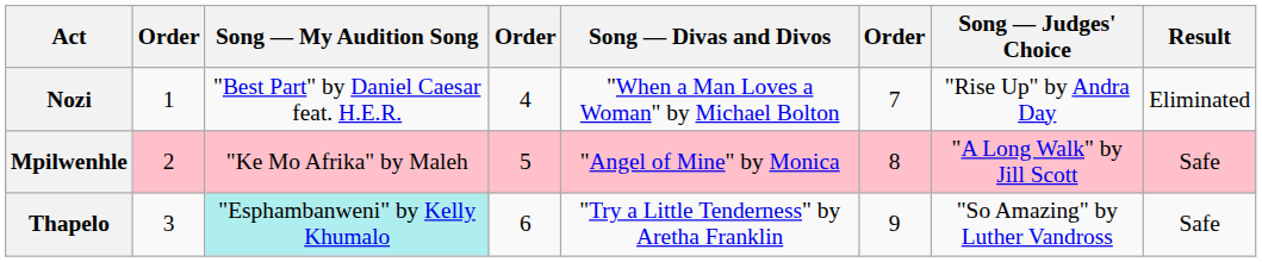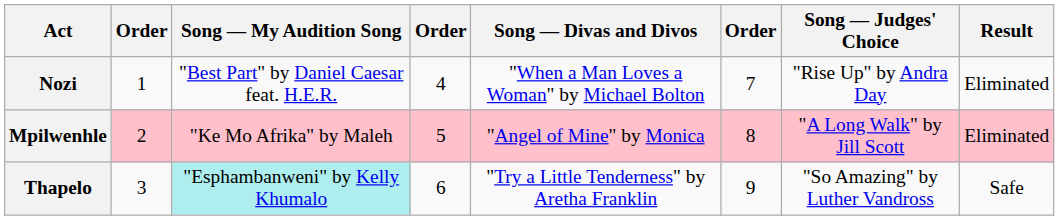 <table class="wikitable plainrowheaders" style="text-align:center;">
 <tr>
 <th scope"col">Act</th>
 <th scope"col">Order</th>
 <th scope"col">Song — My Audition Song</th>
 <th scope"col">Order</th>
 <th scope"col">Song — Divas and Divos</th>
 <th scope"col">Order</th>
 <th scope"col">Song — Judges' Choice</th>
 <th scope"col">Result</th>
 </tr>
 <tr>
 <th scope=row>Nozi</th>
 <td>1</td>
 <td>"<a href='#'>Best Part</a>" by <a href='#'>Daniel Caesar</a> feat. <a href='#'>H.E.R.</a></td>
 <td>4</td>
 <td>"<a href='#'>When a Man Loves a Woman</a>" by <a href='#'>Michael Bolton</a></td>
 <td>7</td>
 <td>"Rise Up" by <a href='#'>Andra Day</a></td>
 <td>Eliminated</td>
 </tr>
 <tr style="background: pink">
 <th scope=row>Mpilwenhle</th>
 <td>2</td>
 <td>"Ke Mo Afrika" by Maleh</td>
 <td>5</td>
 <td>"<a href='#'>Angel of Mine</a>" by <a href='#'>Monica</a></td>
 <td>8</td>
 <td>"<a href='#'>A Long Walk</a>" by <a href='#'>Jill Scott</a></td>
-<td>Safe</td>
+<td>Eliminated</td>
 </tr>
 <tr>
 <th scope=row>Thapelo</th>
 <td>3</td>
 <td style="background: paleturquoise;">"Esphambanweni" by <a href='#'>Kelly Khumalo</a></td>
 <td>6</td>
 <td>"<a href='#'>Try a Little Tenderness</a>" by <a href='#'>Aretha Franklin</a></td>
 <td>9</td>
 <td>"So Amazing" by <a href='#'>Luther Vandross</a></td>
 <td>Safe</td>
 </tr>
 </table>
